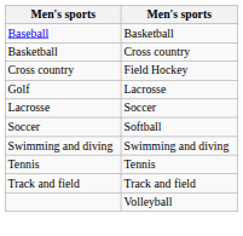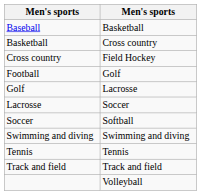 <table class="wikitable"; style= "text-align: ">
 <tr>
 <th width=150px>Men's sports</th>
 <th width=150px>Men's sports</th>
 </tr>
 <tr>
 <td><a href='#'>Baseball</a></td>
 <td>Basketball</td>
 </tr>
 <tr>
 <td>Basketball</td>
 <td>Cross country</td>
 </tr>
 <tr>
 <td>Cross country</td>
 <td>Field Hockey</td>
+</tr>
+<tr>
+<td>Football</td>
+<td>Golf</td>
 </tr>
 <tr>
 <td>Golf</td>
 <td>Lacrosse</td>
 </tr>
 <tr>
 <td>Lacrosse</td>
 <td>Soccer</td>
 </tr>
 <tr>
 <td>Soccer</td>
 <td>Softball</td>
 </tr>
 <tr>
 <td>Swimming and diving</td>
 <td>Swimming and diving</td>
 </tr>
 <tr>
 <td>Tennis</td>
 <td>Tennis</td>
 </tr>
 <tr>
 <td>Track and field</td>
 <td>Track and field</td>
 </tr>
 <tr>
 <td></td>
 <td>Volleyball</td>
 </tr>
 </table>
